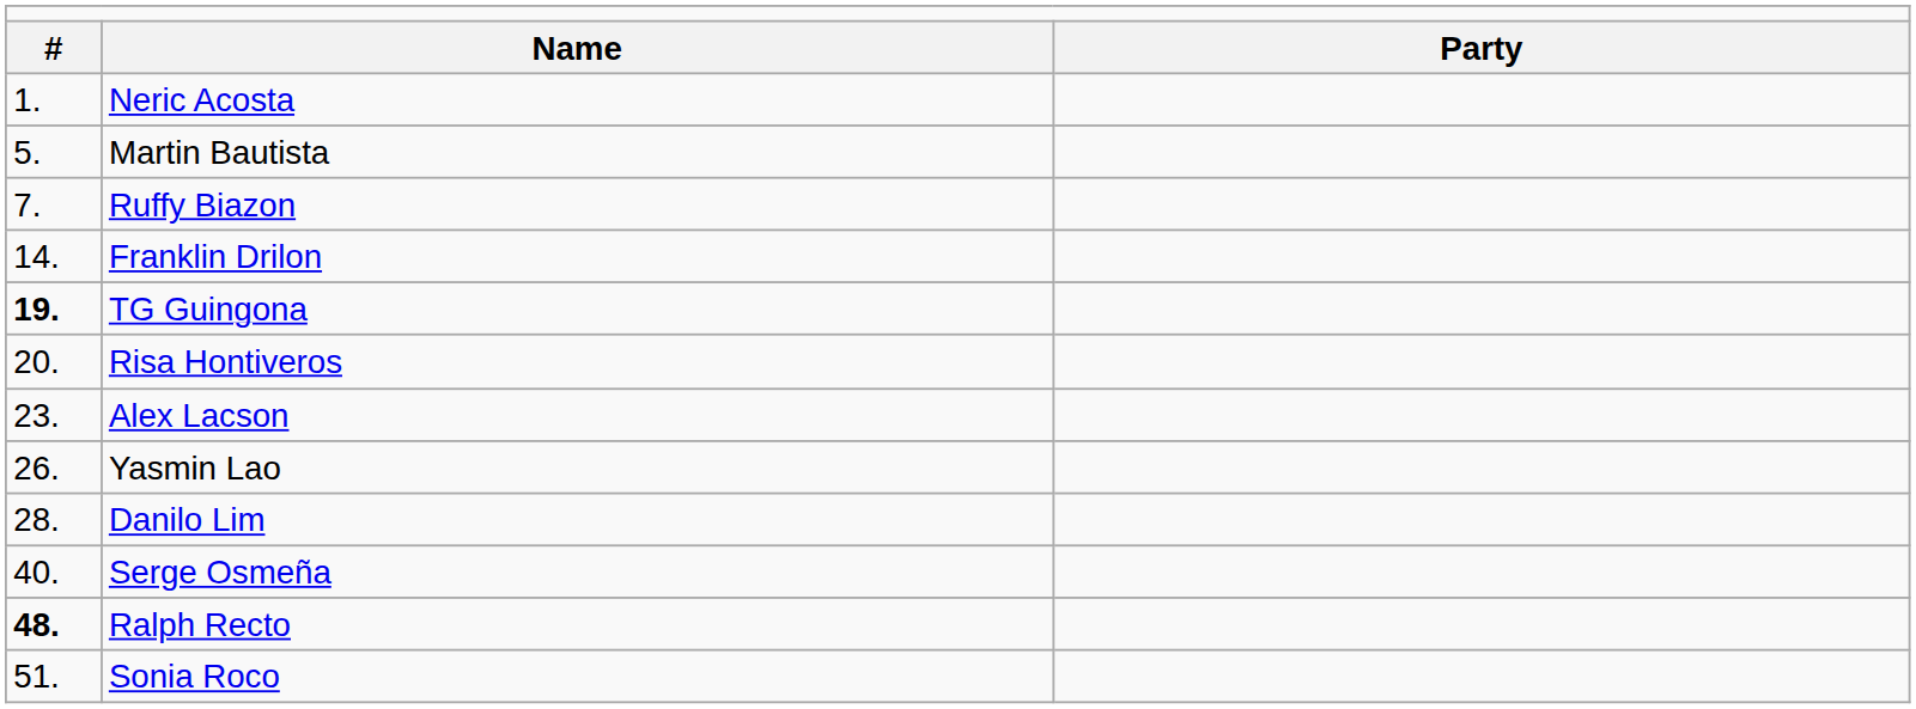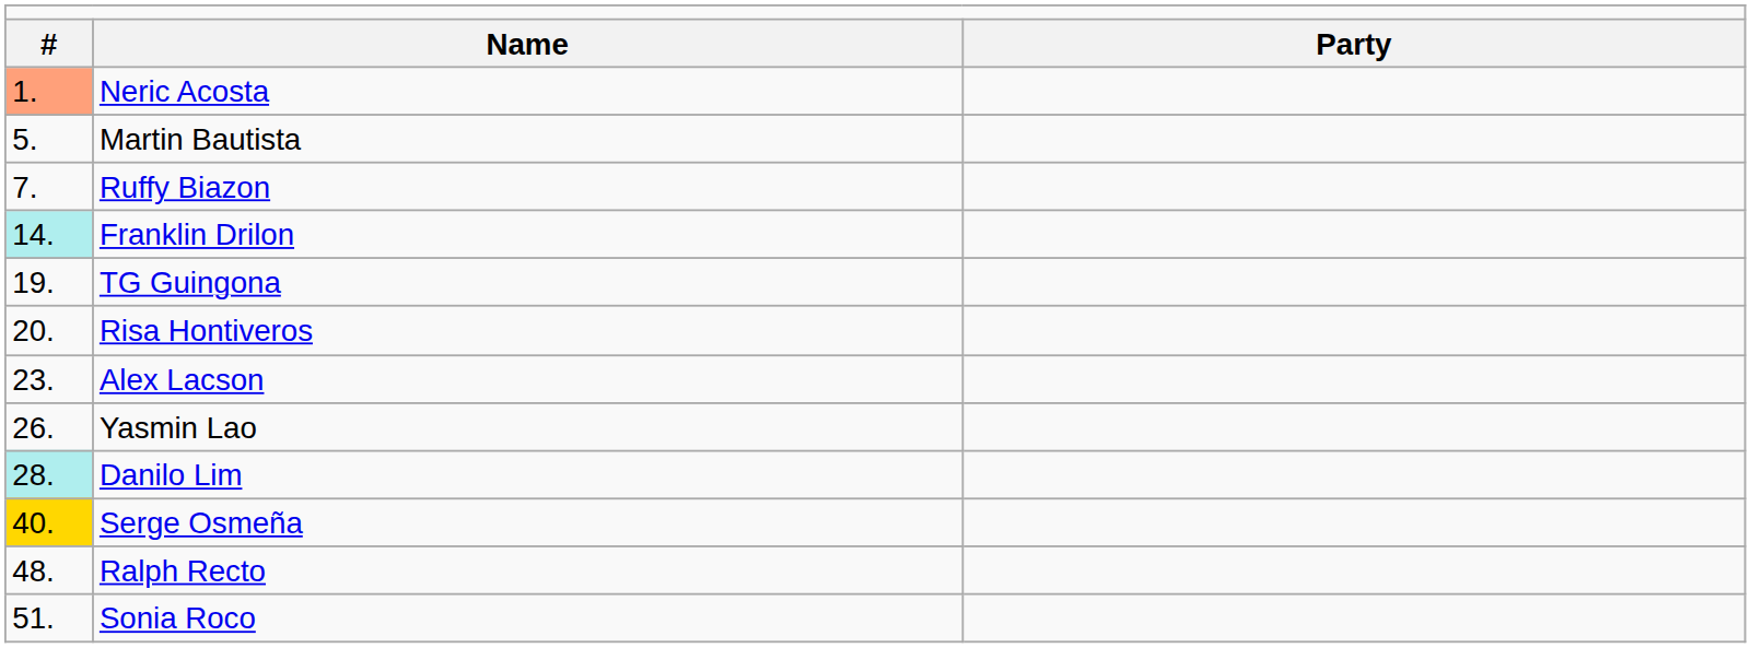 <table class=wikitable width=99% style="font-size:95%">
 <tr>
 <td colspan=4 bgcolor=></td>
 </tr>
 <tr>
 <th width=5%>#</th>
 <th width=50%>Name</th>
 <th colspan=2>Party</th>
 </tr>
 <tr>
-<td>1.</td>
+<td style="background: lightsalmon;">1.</td>
 <td><a href='#'>Neric Acosta</a></td>
 <td></td>
 </tr>
 <tr>
 <td>5.</td>
 <td>Martin Bautista</td>
 <td></td>
 </tr>
 <tr>
 <td>7.</td>
 <td><a href='#'>Ruffy Biazon</a></td>
 <td></td>
 </tr>
 <tr>
-<td>14.</td>
+<td style="background: paleturquoise;">14.</td>
 <td><a href='#'>Franklin Drilon</a></td>
 <td></td>
 </tr>
 <tr>
-<td><strong>19.</strong></td>
+<td>19.</td>
 <td><a href='#'>TG Guingona</a></td>
 <td></td>
 </tr>
 <tr>
 <td>20.</td>
 <td><a href='#'>Risa Hontiveros</a></td>
 <td></td>
 </tr>
 <tr>
 <td>23.</td>
 <td><a href='#'>Alex Lacson</a></td>
 <td></td>
 </tr>
 <tr>
 <td>26.</td>
 <td>Yasmin Lao</td>
 <td></td>
 </tr>
 <tr>
-<td>28.</td>
+<td style="background: paleturquoise;">28.</td>
 <td><a href='#'>Danilo Lim</a></td>
 <td></td>
 </tr>
 <tr>
-<td>40.</td>
+<td style="background: gold;">40.</td>
 <td><a href='#'>Serge Osmeña</a></td>
 <td></td>
 </tr>
 <tr>
-<td><strong>48.</strong></td>
+<td>48.</td>
 <td><a href='#'>Ralph Recto</a></td>
 <td></td>
 </tr>
 <tr>
 <td>51.</td>
 <td><a href='#'>Sonia Roco</a></td>
 <td></td>
 </tr>
 </table>
